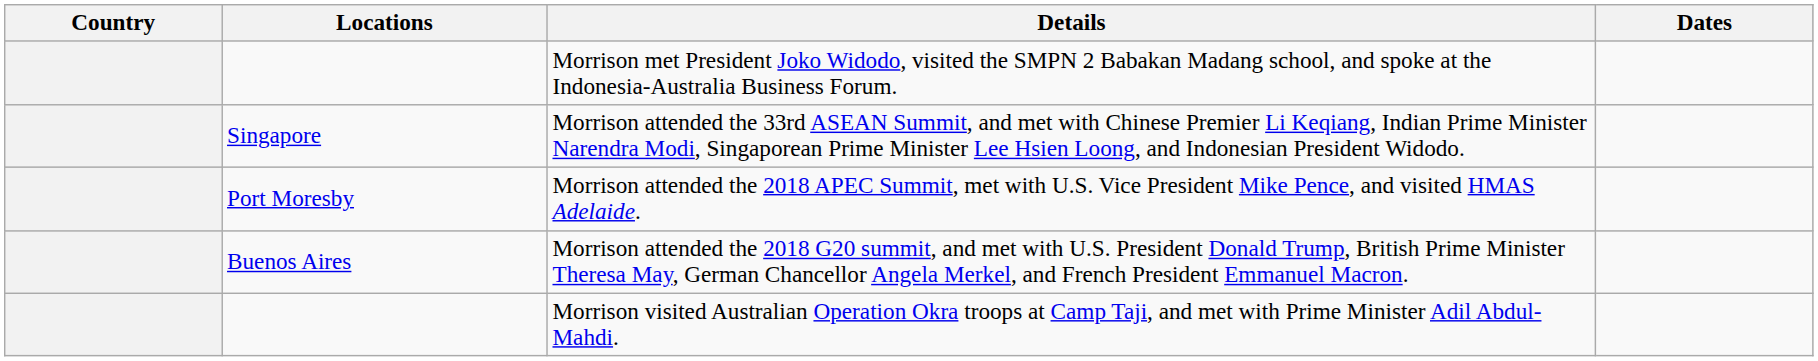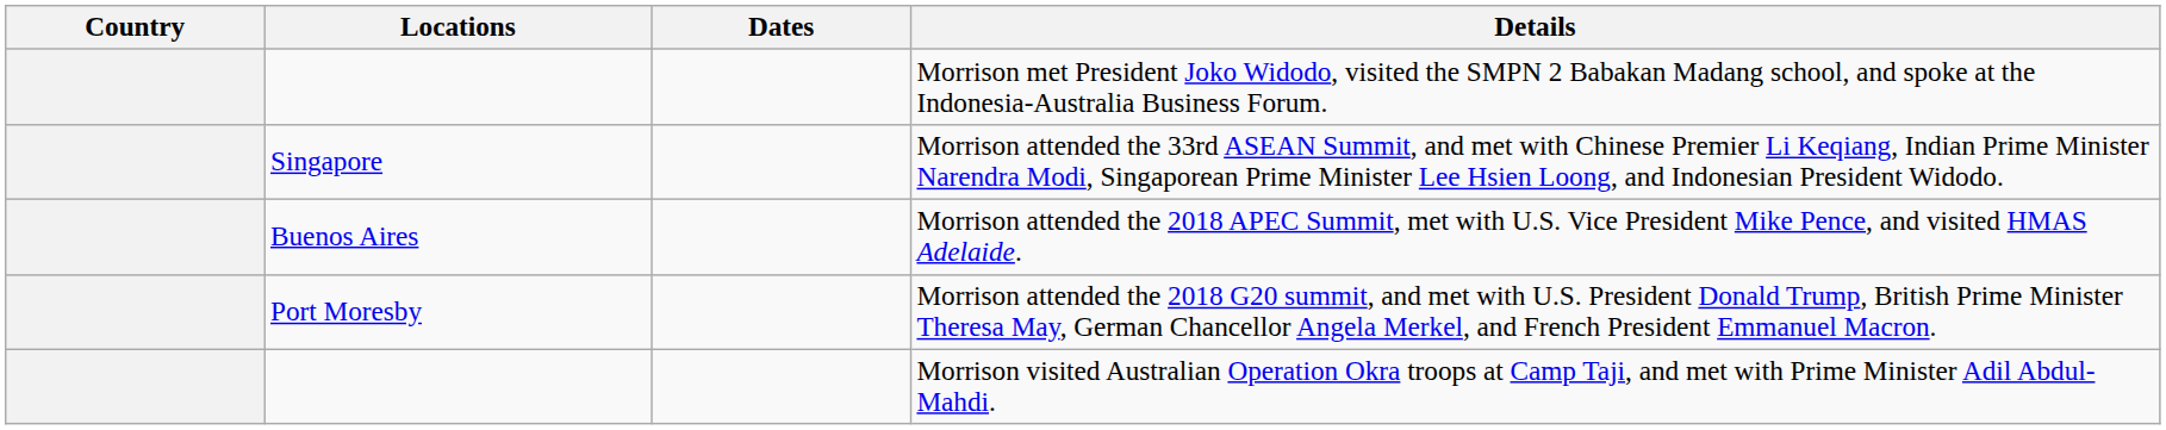 <table class="wikitable plainrowheaders sortable">
 <tr>
 <th scope="col" style="width: 12%;">Country</th>
 <th scope="col" style="width: 18%;">Locations</th>
+<th scope="col" style="width: 12%;">Dates</th>
 <th scope="col" style="width: 58%;" class="unsortable">Details</th>
-<th scope="col" style="width: 12%;">Dates</th>
 </tr>
 <tr>
 <th scope="row"></th>
 <td></td>
+<td></td>
 <td>Morrison met President <a href='#'>Joko Widodo</a>, visited the SMPN 2 Babakan Madang school, and spoke at the Indonesia-Australia Business Forum.</td>
-<td></td>
 </tr>
 <tr>
 <th scope="row"></th>
 <td><a href='#'>Singapore</a></td>
+<td></td>
 <td>Morrison attended the 33rd <a href='#'>ASEAN Summit</a>, and met with Chinese Premier <a href='#'>Li Keqiang</a>, Indian Prime Minister <a href='#'>Narendra Modi</a>, Singaporean Prime Minister <a href='#'>Lee Hsien Loong</a>, and Indonesian President Widodo.</td>
+</tr>
+<tr>
+<th scope="row"></th>
+<td><a href='#'>Buenos Aires</a></td>
 <td></td>
+<td>Morrison attended the <a href='#'>2018 APEC Summit</a>, met with U.S. Vice President <a href='#'>Mike Pence</a>, and visited <a href='#'>HMAS <em>Adelaide</em></a>.</td>
 </tr>
 <tr>
 <th scope="row"></th>
 <td><a href='#'>Port Moresby</a></td>
-<td>Morrison attended the <a href='#'>2018 APEC Summit</a>, met with U.S. Vice President <a href='#'>Mike Pence</a>, and visited <a href='#'>HMAS <em>Adelaide</em></a>.</td>
 <td></td>
-</tr>
-<tr>
-<th scope="row"></th>
-<td><a href='#'>Buenos Aires</a></td>
 <td>Morrison attended the <a href='#'>2018 G20 summit</a>, and met with U.S. President <a href='#'>Donald Trump</a>, British Prime Minister <a href='#'>Theresa May</a>, German Chancellor <a href='#'>Angela Merkel</a>, and French President <a href='#'>Emmanuel Macron</a>.</td>
-<td></td>
 </tr>
 <tr>
 <th scope="row"></th>
 <td></td>
+<td></td>
 <td>Morrison visited Australian <a href='#'>Operation Okra</a> troops at <a href='#'>Camp Taji</a>, and met with Prime Minister <a href='#'>Adil Abdul-Mahdi</a>.</td>
-<td></td>
 </tr>
 </table>
